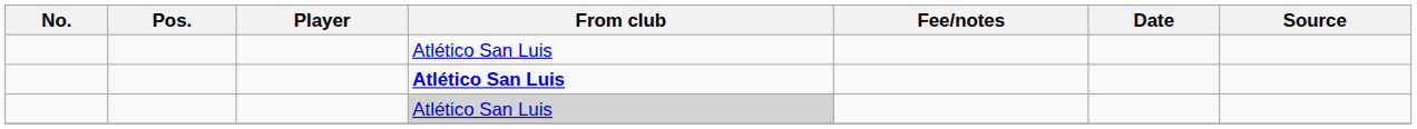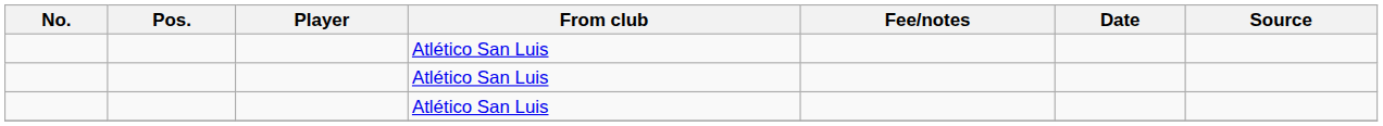 <table class="wikitable sortable" style="width:90%; font-size:95%;">
 <tr>
 <th>No.</th>
 <th>Pos.</th>
 <th>Player</th>
 <th>From club</th>
 <th>Fee/notes</th>
 <th>Date</th>
 <th>Source</th>
 </tr>
 <tr>
 <td align=center></td>
 <td align=center></td>
 <td></td>
 <td> <a href='#'>Atlético San Luis</a></td>
 <td></td>
 <td></td>
 <td></td>
 </tr>
 <tr>
 <td align=center></td>
 <td align=center></td>
 <td></td>
-<td><strong> <a href='#'>Atlético San Luis</a></strong></td>
+<td> <a href='#'>Atlético San Luis</a></td>
 <td></td>
 <td></td>
 <td></td>
 </tr>
 <tr>
 <td align=center></td>
 <td align=center></td>
 <td></td>
-<td style="background: lightgrey;"> <a href='#'>Atlético San Luis</a></td>
+<td> <a href='#'>Atlético San Luis</a></td>
 <td></td>
 <td></td>
 <td></td>
 </tr>
 <tr>
 </tr>
 </table>
